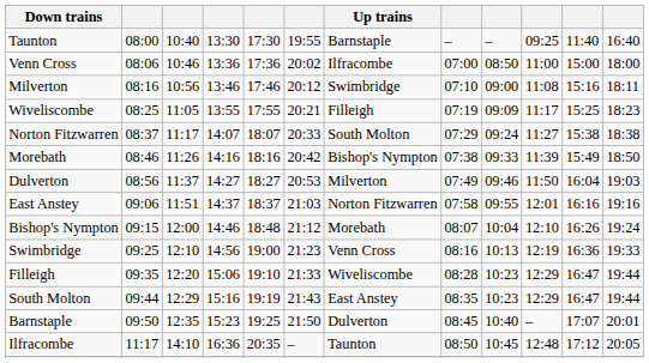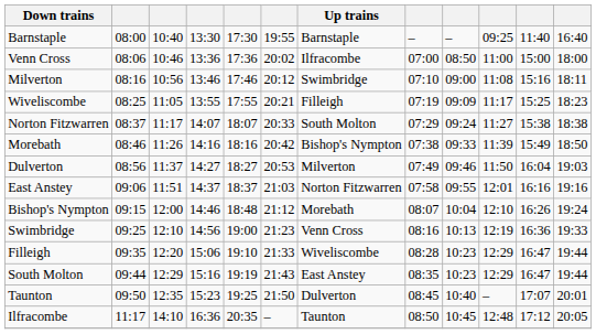 <table class="wikitable">
 <tr>
 <th>Down trains</th>
 <th></th>
 <th></th>
 <th></th>
 <th></th>
 <th></th>
 <th>Up trains</th>
 <th></th>
 <th></th>
 <th></th>
 <th></th>
 <th></th>
 </tr>
 <tr>
-<td>Taunton</td>
+<td>Barnstaple</td>
 <td>08:00</td>
 <td>10:40</td>
 <td>13:30</td>
 <td>17:30</td>
 <td>19:55</td>
 <td>Barnstaple</td>
 <td>–</td>
 <td>–</td>
 <td>09:25</td>
 <td>11:40</td>
 <td>16:40</td>
 </tr>
 <tr>
 <td>Venn Cross</td>
 <td>08:06</td>
 <td>10:46</td>
 <td>13:36</td>
 <td>17:36</td>
 <td>20:02</td>
 <td>Ilfracombe</td>
 <td>07:00</td>
 <td>08:50</td>
 <td>11:00</td>
 <td>15:00</td>
 <td>18:00</td>
 </tr>
 <tr>
 <td>Milverton</td>
 <td>08:16</td>
 <td>10:56</td>
 <td>13:46</td>
 <td>17:46</td>
 <td>20:12</td>
 <td>Swimbridge</td>
 <td>07:10</td>
 <td>09:00</td>
 <td>11:08</td>
 <td>15:16</td>
 <td>18:11</td>
 </tr>
 <tr>
 <td>Wiveliscombe</td>
 <td>08:25</td>
 <td>11:05</td>
 <td>13:55</td>
 <td>17:55</td>
 <td>20:21</td>
 <td>Filleigh</td>
 <td>07:19</td>
 <td>09:09</td>
 <td>11:17</td>
 <td>15:25</td>
 <td>18:23</td>
 </tr>
 <tr>
 <td>Norton Fitzwarren</td>
 <td>08:37</td>
 <td>11:17</td>
 <td>14:07</td>
 <td>18:07</td>
 <td>20:33</td>
 <td>South Molton</td>
 <td>07:29</td>
 <td>09:24</td>
 <td>11:27</td>
 <td>15:38</td>
 <td>18:38</td>
 </tr>
 <tr>
 <td>Morebath</td>
 <td>08:46</td>
 <td>11:26</td>
 <td>14:16</td>
 <td>18:16</td>
 <td>20:42</td>
 <td>Bishop's Nympton</td>
 <td>07:38</td>
 <td>09:33</td>
 <td>11:39</td>
 <td>15:49</td>
 <td>18:50</td>
 </tr>
 <tr>
 <td>Dulverton</td>
 <td>08:56</td>
 <td>11:37</td>
 <td>14:27</td>
 <td>18:27</td>
 <td>20:53</td>
 <td>Milverton</td>
 <td>07:49</td>
 <td>09:46</td>
 <td>11:50</td>
 <td>16:04</td>
 <td>19:03</td>
 </tr>
 <tr>
 <td>East Anstey</td>
 <td>09:06</td>
 <td>11:51</td>
 <td>14:37</td>
 <td>18:37</td>
 <td>21:03</td>
 <td>Norton Fitzwarren</td>
 <td>07:58</td>
 <td>09:55</td>
 <td>12:01</td>
 <td>16:16</td>
 <td>19:16</td>
 </tr>
 <tr>
 <td>Bishop's Nympton</td>
 <td>09:15</td>
 <td>12:00</td>
 <td>14:46</td>
 <td>18:48</td>
 <td>21:12</td>
 <td>Morebath</td>
 <td>08:07</td>
 <td>10:04</td>
 <td>12:10</td>
 <td>16:26</td>
 <td>19:24</td>
 </tr>
 <tr>
 <td>Swimbridge</td>
 <td>09:25</td>
 <td>12:10</td>
 <td>14:56</td>
 <td>19:00</td>
 <td>21:23</td>
 <td>Venn Cross</td>
 <td>08:16</td>
 <td>10:13</td>
 <td>12:19</td>
 <td>16:36</td>
 <td>19:33</td>
 </tr>
 <tr>
 <td>Filleigh</td>
 <td>09:35</td>
 <td>12:20</td>
 <td>15:06</td>
 <td>19:10</td>
 <td>21:33</td>
 <td>Wiveliscombe</td>
 <td>08:28</td>
 <td>10:23</td>
 <td>12:29</td>
 <td>16:47</td>
 <td>19:44</td>
 </tr>
 <tr>
 <td>South Molton</td>
 <td>09:44</td>
 <td>12:29</td>
 <td>15:16</td>
 <td>19:19</td>
 <td>21:43</td>
 <td>East Anstey</td>
 <td>08:35</td>
 <td>10:23</td>
 <td>12:29</td>
 <td>16:47</td>
 <td>19:44</td>
 </tr>
 <tr>
-<td>Barnstaple</td>
+<td>Taunton</td>
 <td>09:50</td>
 <td>12:35</td>
 <td>15:23</td>
 <td>19:25</td>
 <td>21:50</td>
 <td>Dulverton</td>
 <td>08:45</td>
 <td>10:40</td>
 <td>–</td>
 <td>17:07</td>
 <td>20:01</td>
 </tr>
 <tr>
 <td>Ilfracombe</td>
 <td>11:17</td>
 <td>14:10</td>
 <td>16:36</td>
 <td>20:35</td>
 <td>–</td>
 <td>Taunton</td>
 <td>08:50</td>
 <td>10:45</td>
 <td>12:48</td>
 <td>17:12</td>
 <td>20:05</td>
 </tr>
 <tr>
 </tr>
 </table>
